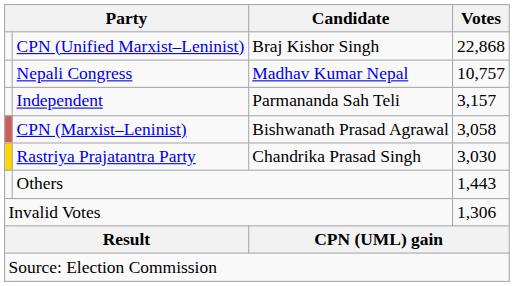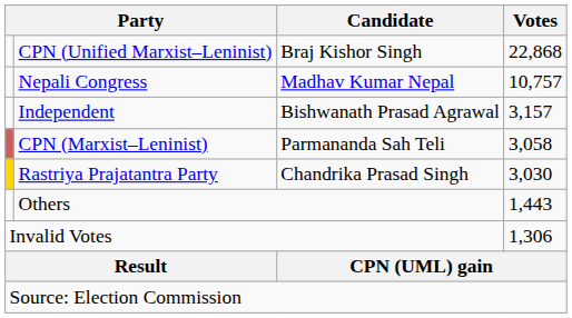 <table class="wikitable">
 <tr>
 <th colspan="2">Party</th>
 <th>Candidate</th>
 <th>Votes</th>
 </tr>
 <tr>
 <td style="background-color:"></td>
 <td><a href='#'>CPN (Unified Marxist–Leninist)</a></td>
 <td>Braj Kishor Singh</td>
 <td>22,868</td>
 </tr>
 <tr>
 <td style="background-color:"></td>
 <td><a href='#'>Nepali Congress</a></td>
 <td><a href='#'>Madhav Kumar Nepal</a></td>
 <td>10,757</td>
 </tr>
 <tr>
 <td style="background-color:"></td>
 <td><a href='#'>Independent</a></td>
-<td>Parmananda Sah Teli</td>
+<td>Bishwanath Prasad Agrawal</td>
 <td>3,157</td>
 </tr>
 <tr>
 <td style="background-color:indianred"></td>
 <td><a href='#'>CPN (Marxist–Leninist)</a></td>
-<td>Bishwanath Prasad Agrawal</td>
+<td>Parmananda Sah Teli</td>
 <td>3,058</td>
 </tr>
 <tr>
 <td style="background-color:gold"></td>
 <td><a href='#'>Rastriya Prajatantra Party</a></td>
 <td>Chandrika Prasad Singh</td>
 <td>3,030</td>
 </tr>
 <tr>
 <td></td>
 <td colspan="2">Others</td>
 <td>1,443</td>
 </tr>
 <tr>
 <td colspan="3">Invalid Votes</td>
 <td>1,306</td>
 </tr>
 <tr>
 <th colspan="2">Result</th>
 <th colspan="2">CPN (UML) gain</th>
 </tr>
 <tr>
 <td colspan="4">Source: Election Commission</td>
 </tr>
 </table>
